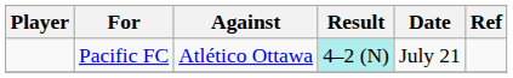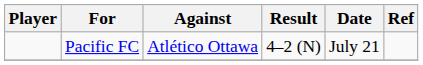 <table class="wikitable">
 <tr>
 <th>Player</th>
 <th>For</th>
 <th>Against</th>
 <th>Result</th>
 <th>Date</th>
 <th>Ref</th>
 </tr>
 <tr>
 <td> </td>
 <td><a href='#'>Pacific FC</a></td>
 <td><a href='#'>Atlético Ottawa</a></td>
-<td style="background: paleturquoise;">4–2 (N)</td>
+<td>4–2 (N)</td>
 <td>July 21</td>
 <td></td>
 </tr>
 <tr>
 </tr>
 </table>
